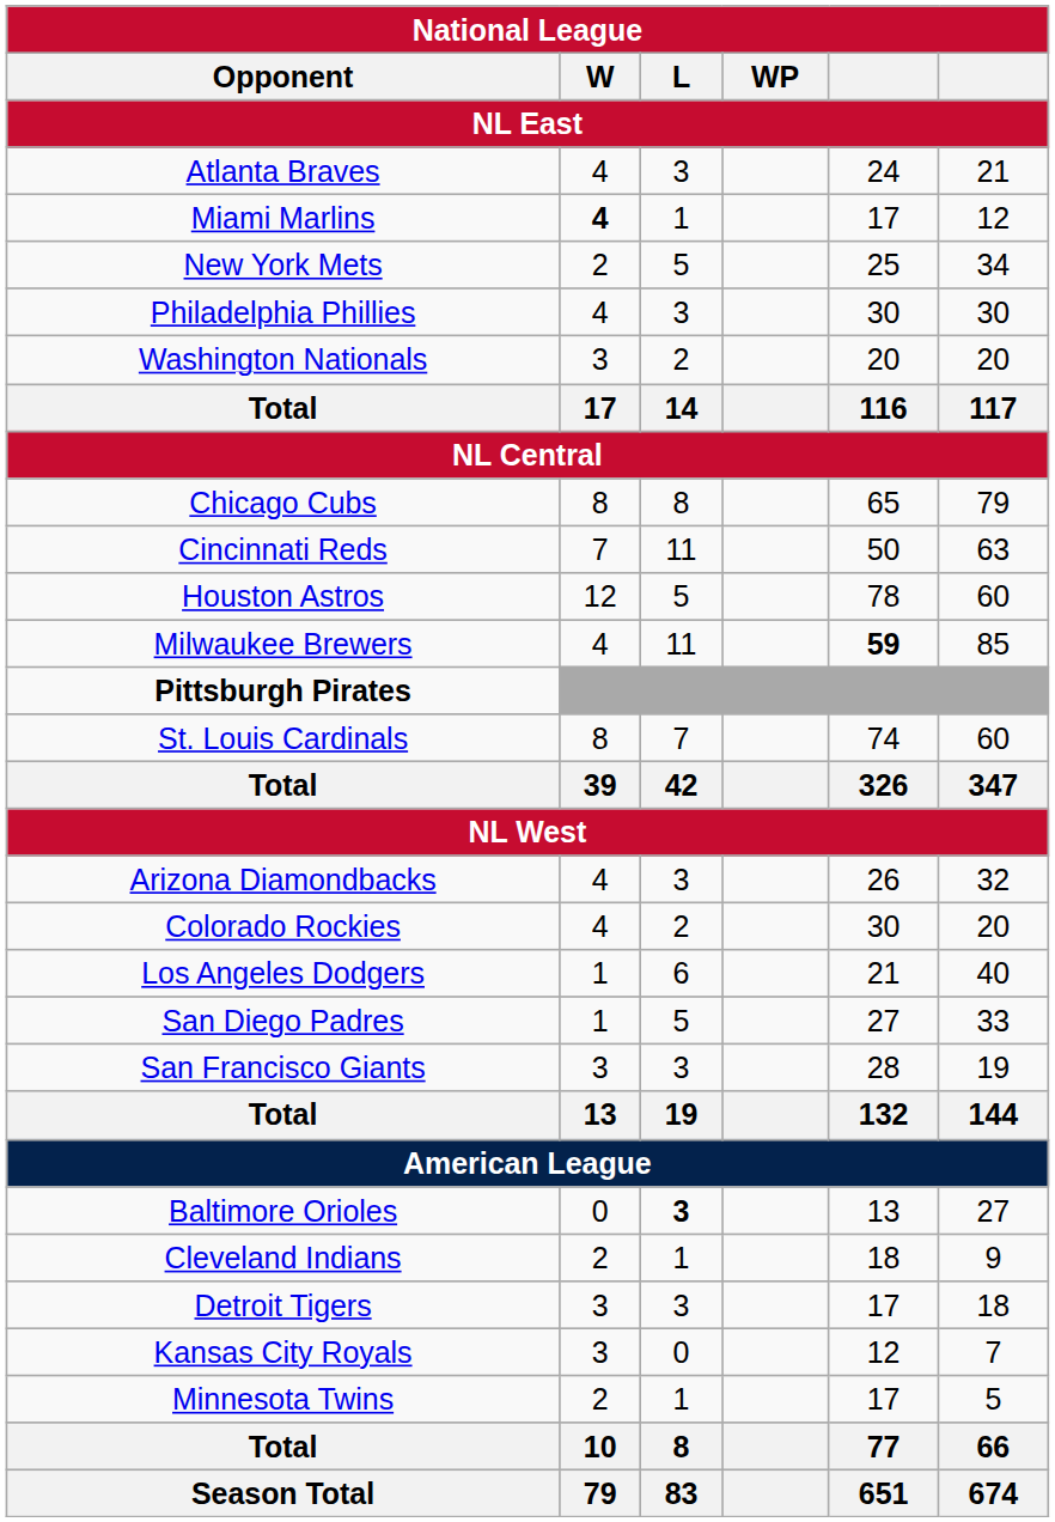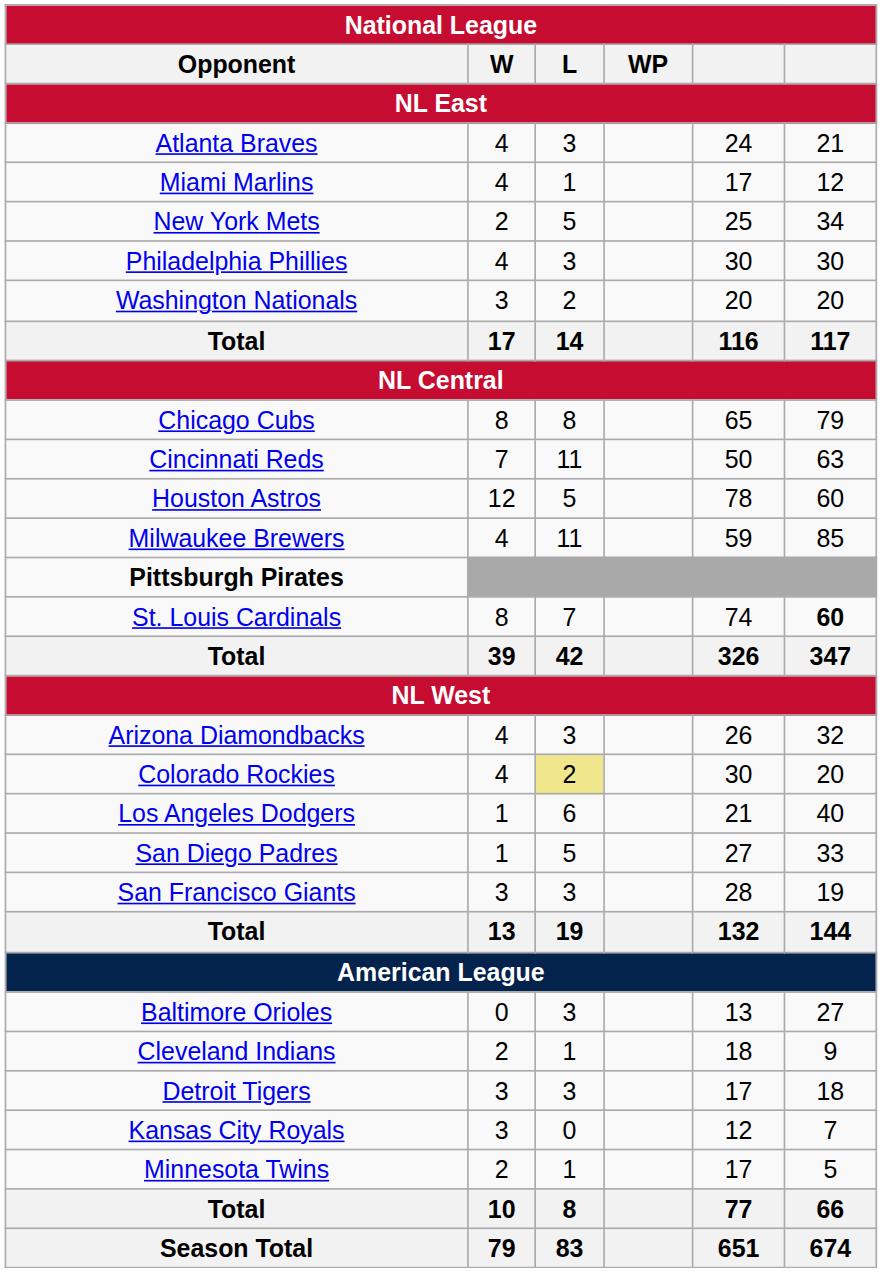 <table class="wikitable" style="font-size:95%; text-align:center; width:35em;margin: 0.5em auto;">
 <tr>
 <th colspan="7" style="background:#c60c30; color:#ffffff;">National League</th>
 </tr>
 <tr>
 <th>Opponent</th>
 <th>W</th>
 <th>L</th>
 <th>WP</th>
 <th></th>
 <th></th>
 </tr>
 <tr>
 <th colspan="7" style="background:#c60c30; color:#ffffff;">NL East</th>
 </tr>
 <tr>
 <td><a href='#'>Atlanta Braves</a></td>
 <td>4</td>
 <td>3</td>
 <td></td>
 <td>24</td>
 <td>21</td>
 </tr>
 <tr>
 <td><a href='#'>Miami Marlins</a></td>
-<td><strong>4</strong></td>
+<td>4</td>
 <td>1</td>
 <td></td>
 <td>17</td>
 <td>12</td>
 </tr>
 <tr>
 <td><a href='#'>New York Mets</a></td>
 <td>2</td>
 <td>5</td>
 <td></td>
 <td>25</td>
 <td>34</td>
 </tr>
 <tr>
 <td><a href='#'>Philadelphia Phillies</a></td>
 <td>4</td>
 <td>3</td>
 <td></td>
 <td>30</td>
 <td>30</td>
 </tr>
 <tr>
 <td><a href='#'>Washington Nationals</a></td>
 <td>3</td>
 <td>2</td>
 <td></td>
 <td>20</td>
 <td>20</td>
 </tr>
 <tr>
 <th>Total</th>
 <th>17</th>
 <th>14</th>
 <th></th>
 <th>116</th>
 <th>117</th>
 </tr>
 <tr>
 <th colspan="7" style="background:#c60c30; color:#ffffff;">NL Central</th>
 </tr>
 <tr>
 <td><a href='#'>Chicago Cubs</a></td>
 <td>8</td>
 <td>8</td>
 <td></td>
 <td>65</td>
 <td>79</td>
 </tr>
 <tr>
 <td><a href='#'>Cincinnati Reds</a></td>
 <td>7</td>
 <td>11</td>
 <td></td>
 <td>50</td>
 <td>63</td>
 </tr>
 <tr>
 <td><a href='#'>Houston Astros</a></td>
 <td>12</td>
 <td>5</td>
 <td></td>
 <td>78</td>
 <td>60</td>
 </tr>
 <tr>
 <td><a href='#'>Milwaukee Brewers</a></td>
 <td>4</td>
 <td>11</td>
 <td></td>
-<td><strong>59</strong></td>
+<td>59</td>
 <td>85</td>
 </tr>
 <tr>
 <td><strong>Pittsburgh Pirates</strong></td>
 <td colspan=5 style="background:darkgray;"></td>
 </tr>
 <tr>
 <td><a href='#'>St. Louis Cardinals</a></td>
 <td>8</td>
 <td>7</td>
 <td></td>
 <td>74</td>
-<td>60</td>
+<td><strong>60</strong></td>
 </tr>
 <tr>
 <th>Total</th>
 <th>39</th>
 <th>42</th>
 <th></th>
 <th>326</th>
 <th>347</th>
 </tr>
 <tr>
 <th colspan="7" style="background:#c60c30; color:#ffffff;">NL West</th>
 </tr>
 <tr>
 <td><a href='#'>Arizona Diamondbacks</a></td>
 <td>4</td>
 <td>3</td>
 <td></td>
 <td>26</td>
 <td>32</td>
 </tr>
 <tr>
 <td><a href='#'>Colorado Rockies</a></td>
 <td>4</td>
-<td>2</td>
+<td style="background: khaki;">2</td>
 <td></td>
 <td>30</td>
 <td>20</td>
 </tr>
 <tr>
 <td><a href='#'>Los Angeles Dodgers</a></td>
 <td>1</td>
 <td>6</td>
 <td></td>
 <td>21</td>
 <td>40</td>
 </tr>
 <tr>
 <td><a href='#'>San Diego Padres</a></td>
 <td>1</td>
 <td>5</td>
 <td></td>
 <td>27</td>
 <td>33</td>
 </tr>
 <tr>
 <td><a href='#'>San Francisco Giants</a></td>
 <td>3</td>
 <td>3</td>
 <td></td>
 <td>28</td>
 <td>19</td>
 </tr>
 <tr>
 <th>Total</th>
 <th>13</th>
 <th>19</th>
 <th></th>
 <th>132</th>
 <th>144</th>
 </tr>
 <tr>
 <th colspan="7" style="background:#03224c; color:#ffffff;">American League</th>
 </tr>
 <tr>
 <td><a href='#'>Baltimore Orioles</a></td>
 <td>0</td>
-<td><strong>3</strong></td>
+<td>3</td>
 <td></td>
 <td>13</td>
 <td>27</td>
 </tr>
 <tr>
 <td><a href='#'>Cleveland Indians</a></td>
 <td>2</td>
 <td>1</td>
 <td></td>
 <td>18</td>
 <td>9</td>
 </tr>
 <tr>
 <td><a href='#'>Detroit Tigers</a></td>
 <td>3</td>
 <td>3</td>
 <td></td>
 <td>17</td>
 <td>18</td>
 </tr>
 <tr>
 <td><a href='#'>Kansas City Royals</a></td>
 <td>3</td>
 <td>0</td>
 <td></td>
 <td>12</td>
 <td>7</td>
 </tr>
 <tr>
 <td><a href='#'>Minnesota Twins</a></td>
 <td>2</td>
 <td>1</td>
 <td></td>
 <td>17</td>
 <td>5</td>
 </tr>
 <tr>
 <th>Total</th>
 <th>10</th>
 <th>8</th>
 <th></th>
 <th>77</th>
 <th>66</th>
 </tr>
 <tr>
 <th>Season Total</th>
 <th>79</th>
 <th>83</th>
 <th></th>
 <th>651</th>
 <th>674</th>
 </tr>
 </table>
